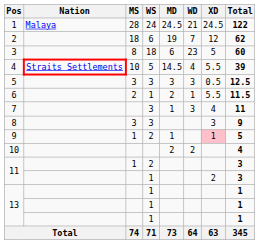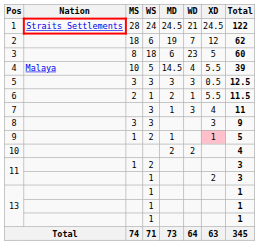 <table class="wikitable" style="text-align:center">
 <tr>
 <th width="20">Pos</th>
 <th>Nation</th>
 <th width="20">MS</th>
 <th width="20">WS</th>
 <th width="20">MD</th>
 <th width="20">WD</th>
 <th width="20">XD</th>
 <th>Total</th>
 </tr>
 <tr>
 <td>1</td>
-<td align=left> <a href='#'>Malaya</a><br></td>
+<td align=left style="border: 3px solid red"> <a href='#'>Straits Settlements</a><br></td>
 <td>28</td>
 <td>24</td>
 <td>24.5</td>
 <td>21</td>
 <td>24.5</td>
 <td><strong>122</strong></td>
 </tr>
 <tr align=center>
 <td>2</td>
 <td align=left></td>
 <td>18</td>
 <td>6</td>
 <td>19</td>
 <td>7</td>
 <td>12</td>
 <td><strong>62</strong></td>
 </tr>
 <tr align=center>
 <td>3</td>
 <td align=left></td>
 <td>8</td>
 <td>18</td>
 <td>6</td>
 <td>23</td>
 <td>5</td>
 <td><strong>60</strong></td>
 </tr>
 <tr align=center>
 <td>4</td>
-<td align=left style="border: 3px solid red"> <a href='#'>Straits Settlements</a><br></td>
+<td align=left> <a href='#'>Malaya</a><br></td>
 <td>10</td>
 <td>5</td>
 <td>14.5</td>
 <td>4</td>
 <td>5.5</td>
 <td><strong>39</strong></td>
 </tr>
 <tr align=center>
 <td>5</td>
 <td align=left></td>
 <td>3</td>
 <td>3</td>
 <td>3</td>
 <td>3</td>
 <td>0.5</td>
 <td><strong>12.5</strong></td>
 </tr>
 <tr align=center>
 <td>6</td>
 <td align=left></td>
 <td>2</td>
 <td>1</td>
 <td>2</td>
 <td>1</td>
 <td>5.5</td>
 <td><strong>11.5</strong></td>
 </tr>
 <tr align=center>
 <td>7</td>
 <td align=left></td>
 <td></td>
 <td>3</td>
 <td>1</td>
 <td>3</td>
 <td>4</td>
 <td><strong>11</strong></td>
 </tr>
 <tr align=center>
 <td>8</td>
 <td align=left></td>
 <td>3</td>
 <td>3</td>
 <td></td>
 <td></td>
 <td>3</td>
 <td><strong>9</strong></td>
 </tr>
 <tr align=center>
 <td>9</td>
 <td align=left></td>
 <td>1</td>
 <td>2</td>
 <td>1</td>
 <td></td>
 <td style="background: pink;">1</td>
 <td><strong>5</strong></td>
 </tr>
 <tr align=center>
 <td>10</td>
 <td align=left></td>
 <td></td>
 <td></td>
 <td>2</td>
 <td>2</td>
 <td></td>
 <td><strong>4</strong></td>
 </tr>
 <tr align=center>
 <td rowspan="2">11</td>
 <td align=left></td>
 <td>1</td>
 <td>2</td>
 <td></td>
 <td></td>
 <td></td>
 <td><strong>3</strong></td>
 </tr>
 <tr align=center>
 <td align=left></td>
 <td></td>
 <td>1</td>
 <td></td>
 <td></td>
 <td>2</td>
 <td><strong>3</strong></td>
 </tr>
 <tr align=center>
 <td rowspan="3">13</td>
 <td align=left></td>
 <td></td>
 <td>1</td>
 <td></td>
 <td></td>
 <td></td>
 <td><strong>1</strong></td>
 </tr>
 <tr align=center>
 <td align=left></td>
 <td></td>
 <td>1</td>
 <td></td>
 <td></td>
 <td></td>
 <td><strong>1</strong></td>
 </tr>
 <tr align=center>
 <td align=left></td>
 <td></td>
 <td>1</td>
 <td></td>
 <td></td>
 <td></td>
 <td><strong>1</strong></td>
 </tr>
 <tr>
 <th colspan="2">Total</th>
 <th>74</th>
 <th>71</th>
 <th>73</th>
 <th>64</th>
 <th>63</th>
 <th>345</th>
 </tr>
 </table>
